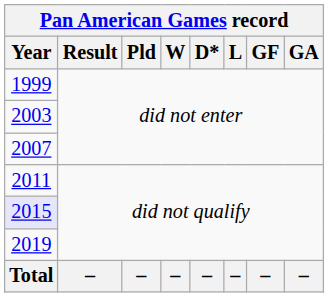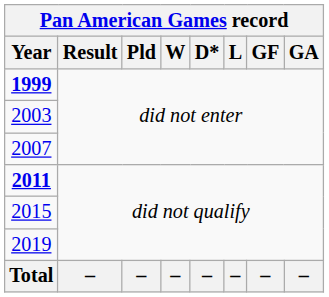 <table class="wikitable" style="text-align: center;">
 <tr>
 <th colspan=8><a href='#'>Pan American Games</a> record</th>
 </tr>
 <tr>
 <th>Year</th>
 <th>Result</th>
 <th>Pld</th>
 <th>W</th>
 <th>D*</th>
 <th>L</th>
 <th>GF</th>
 <th>GA</th>
 </tr>
 <tr>
-<td> <a href='#'>1999</a></td>
+<td><strong> <a href='#'>1999</a></strong></td>
 <td colspan=7 rowspan=3><em>did not enter</em></td>
 </tr>
 <tr>
 <td> <a href='#'>2003</a></td>
 </tr>
 <tr>
 <td> <a href='#'>2007</a></td>
 </tr>
 <tr>
-<td> <a href='#'>2011</a></td>
+<td><strong> <a href='#'>2011</a></strong></td>
 <td colspan=7 rowspan=3><em>did not qualify</em></td>
 </tr>
 <tr>
-<td style="background: lavender;"> <a href='#'>2015</a></td>
+<td> <a href='#'>2015</a></td>
 </tr>
 <tr>
 <td> <a href='#'>2019</a></td>
 </tr>
 <tr>
 <th>Total</th>
 <th>–</th>
 <th>–</th>
 <th>–</th>
 <th>–</th>
 <th>–</th>
 <th>–</th>
 <th>–</th>
 </tr>
 </table>
